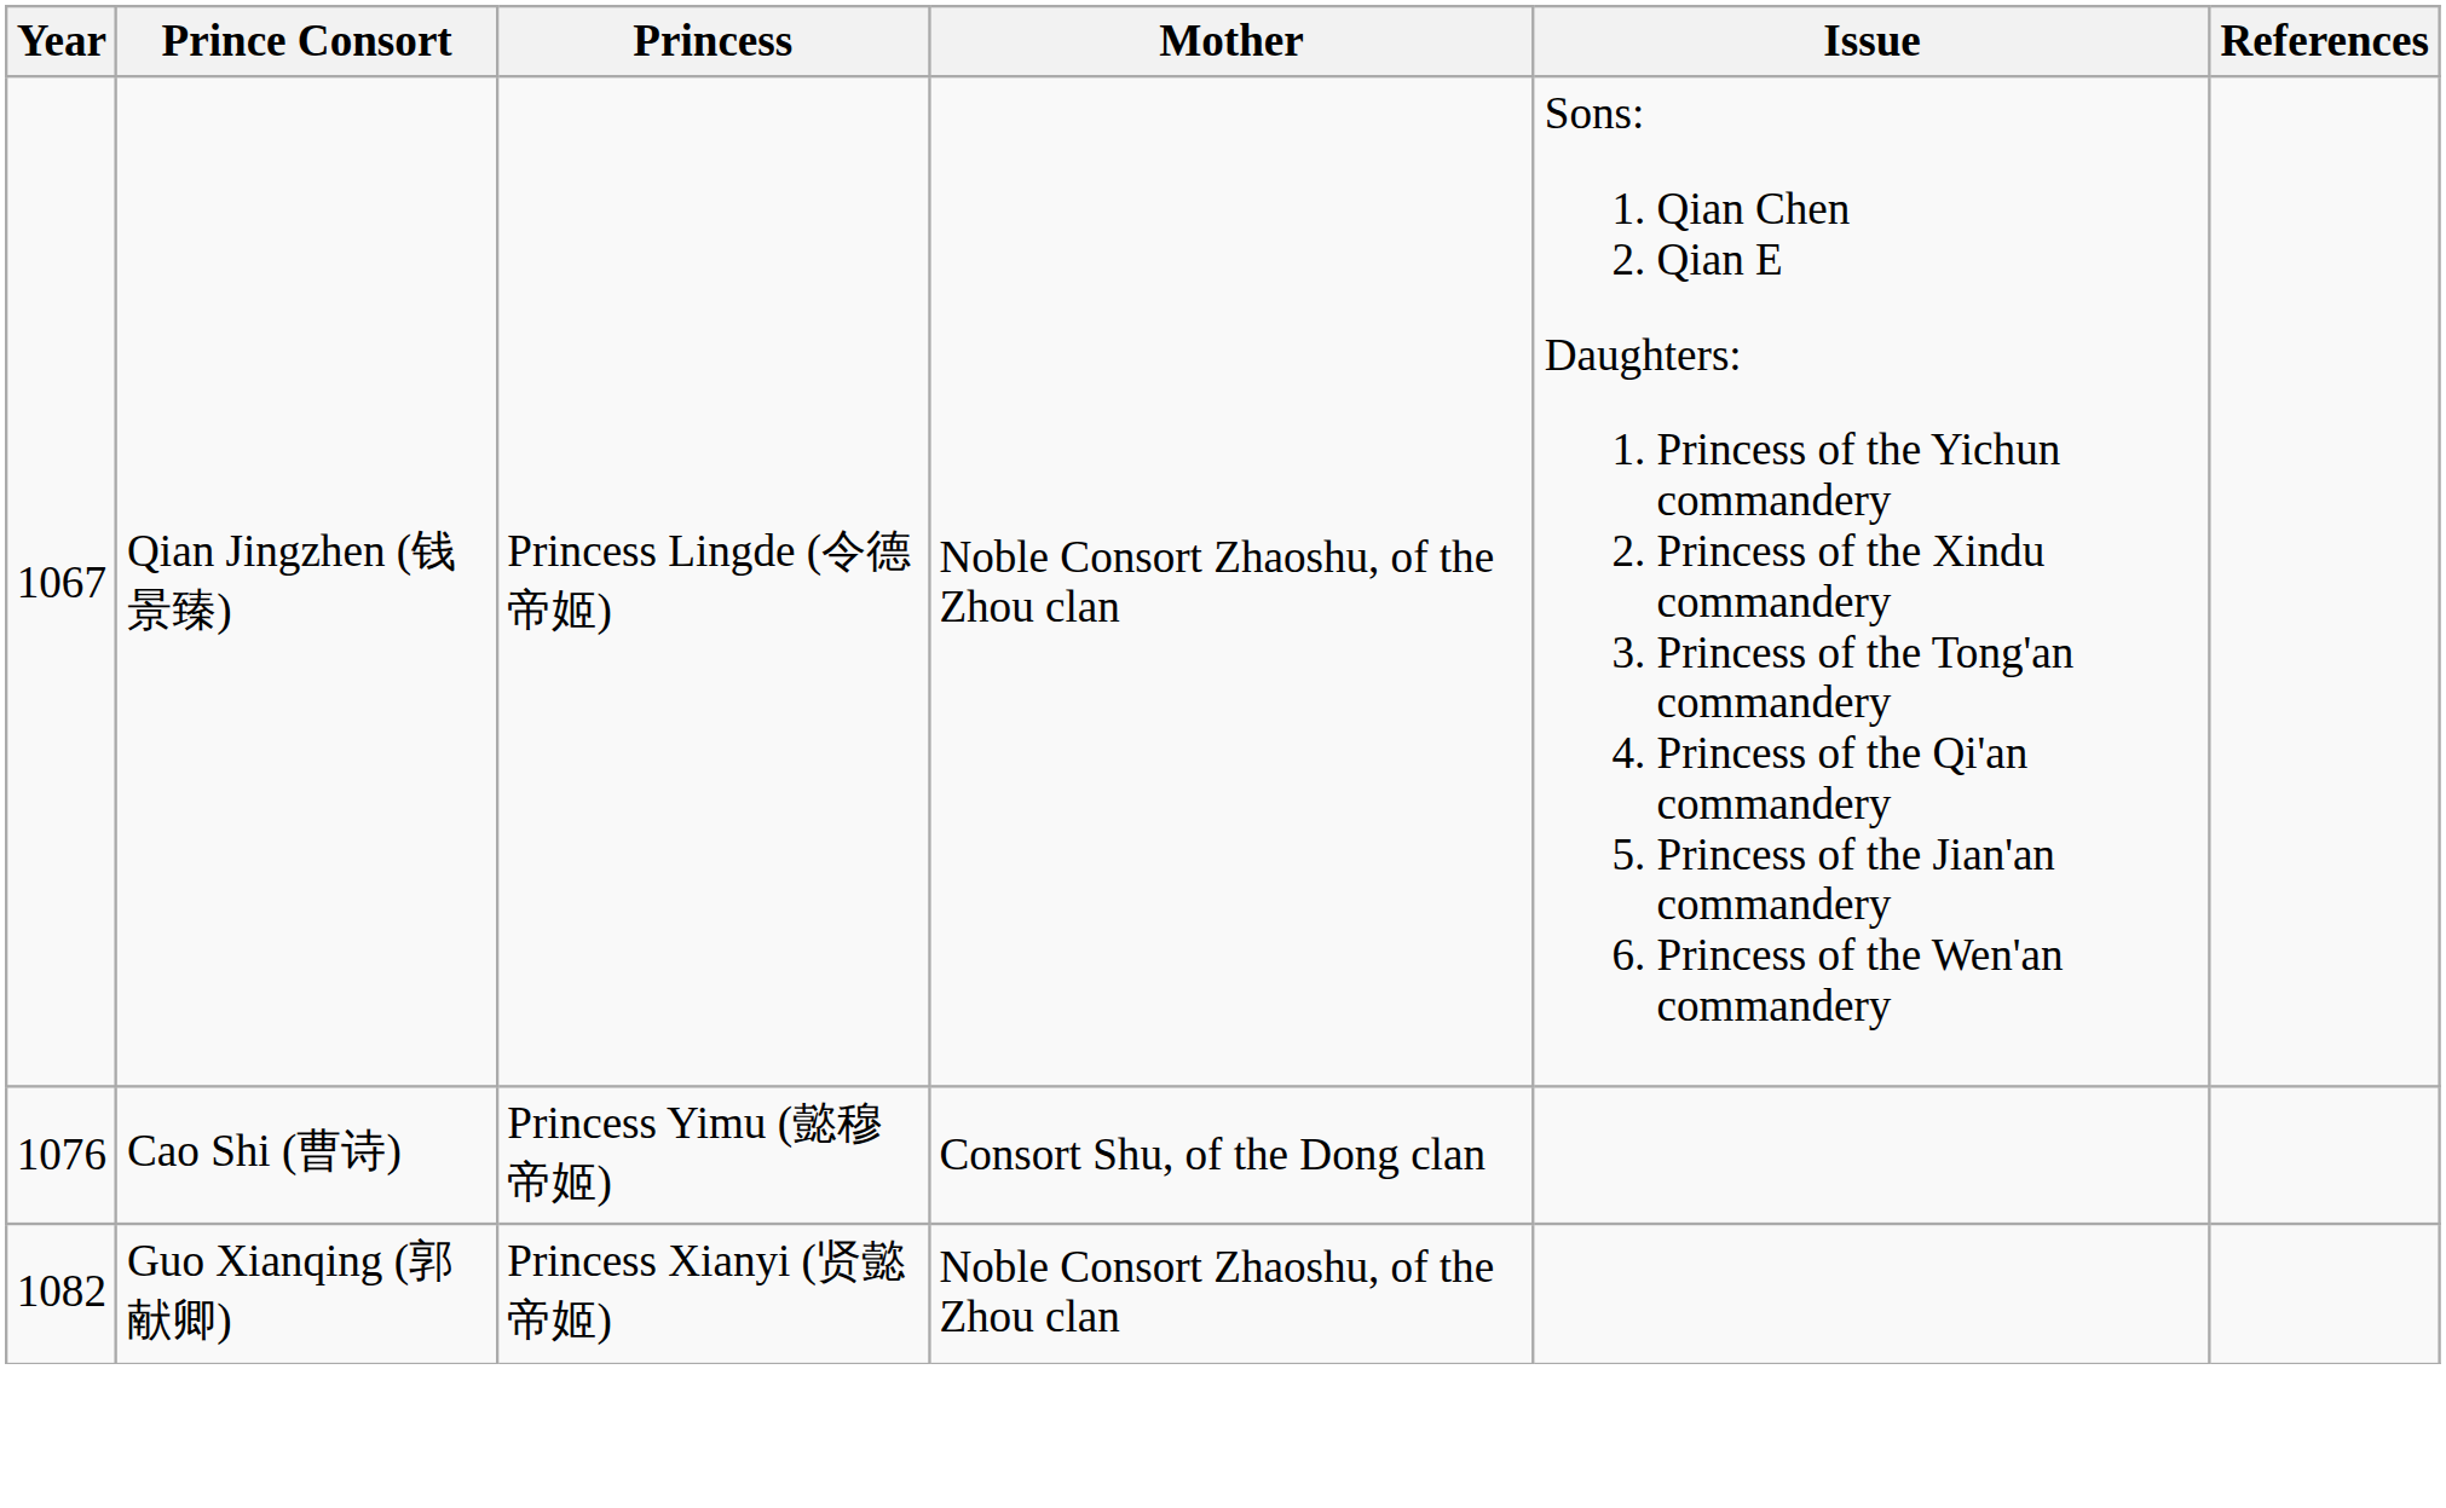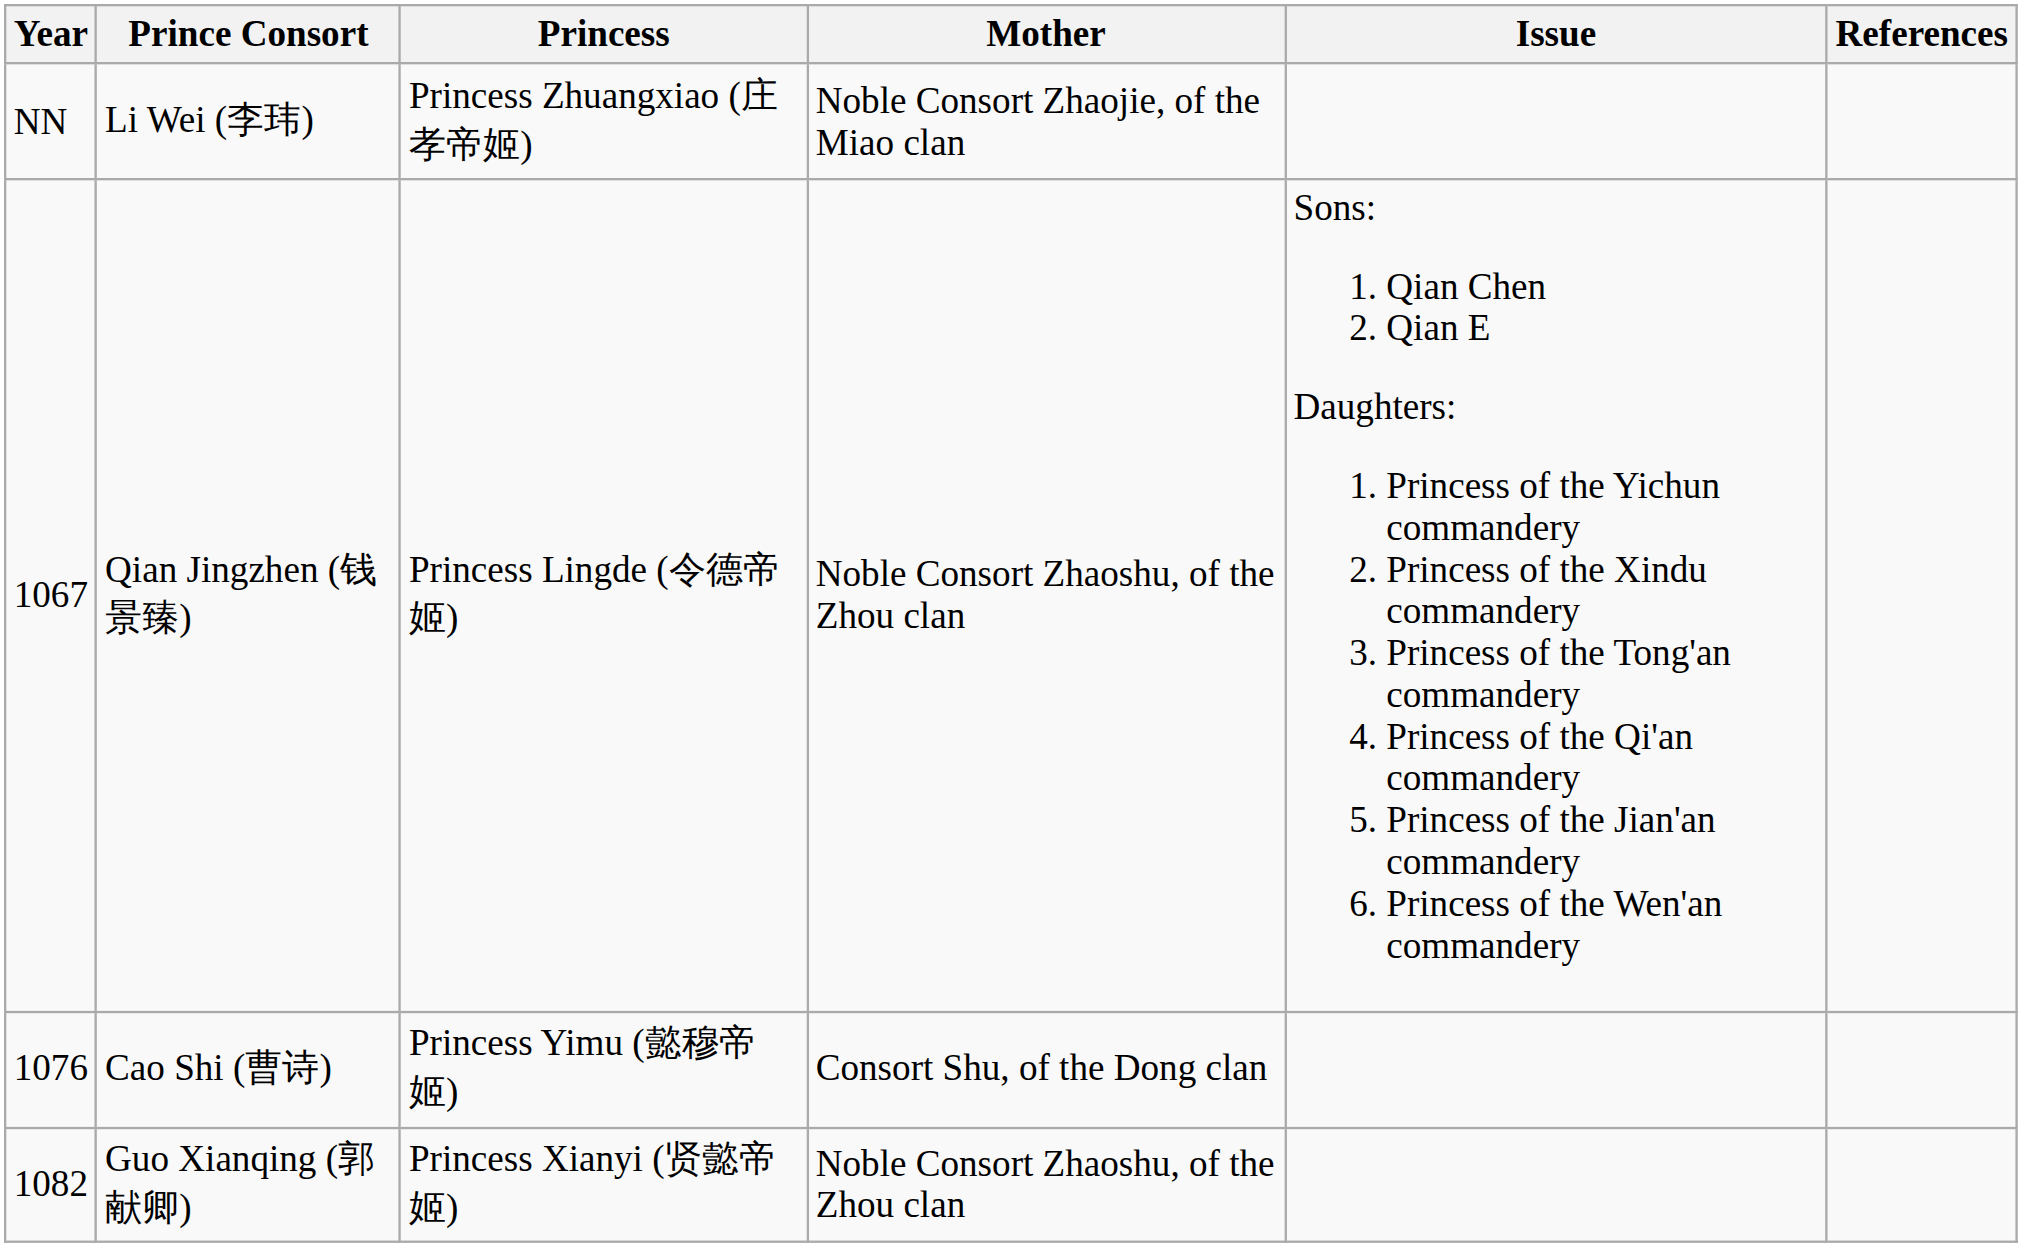 <table class="wikitable">
 <tr>
 <th>Year</th>
 <th>Prince Consort</th>
 <th>Princess</th>
 <th>Mother</th>
 <th>Issue</th>
 <th>References</th>
+</tr>
+<tr>
+<td>NN</td>
+<td>Li Wei (李玮)</td>
+<td>Princess Zhuangxiao (庄孝帝姬)</td>
+<td>Noble Consort Zhaojie, of the Miao clan</td>
+<td></td>
+<td></td>
 </tr>
 <tr>
 <td>1067</td>
 <td>Qian Jingzhen (钱景臻)</td>
 <td>Princess Lingde (令德帝姬)</td>
 <td>Noble Consort Zhaoshu, of the Zhou clan</td>
 <td>Sons:<br><ol><li>Qian Chen</li><li>Qian E</li></ol>Daughters:<ol><li>Princess of the Yichun commandery</li><li>Princess of the  Xindu commandery</li><li>Princess of the Tong'an commandery</li><li>Princess of the Qi'an commandery</li><li>Princess of the Jian'an commandery</li><li>Princess of the Wen'an commandery</li></ol></td>
 <td></td>
 </tr>
 <tr>
 <td>1076</td>
 <td>Cao Shi (曹诗)</td>
 <td>Princess Yimu (懿穆帝姬)</td>
 <td>Consort Shu, of the Dong clan</td>
 <td></td>
 <td></td>
 </tr>
 <tr>
 <td>1082</td>
 <td>Guo Xianqing (郭献卿)</td>
 <td>Princess Xianyi (贤懿帝姬)</td>
 <td>Noble Consort Zhaoshu, of the Zhou clan</td>
 <td></td>
 <td></td>
 </tr>
 </table>
